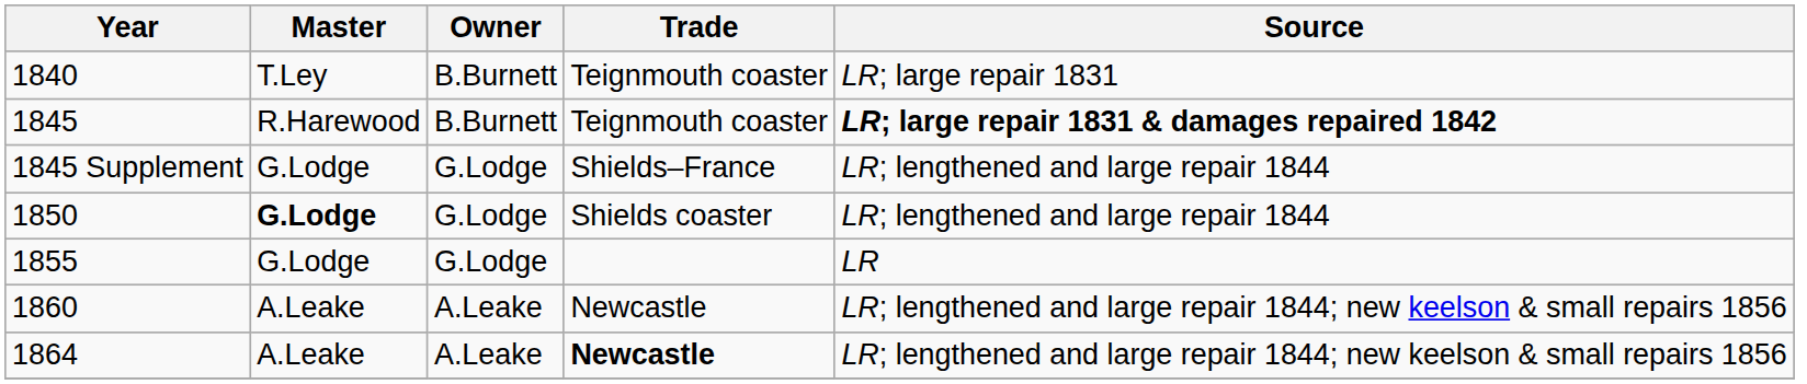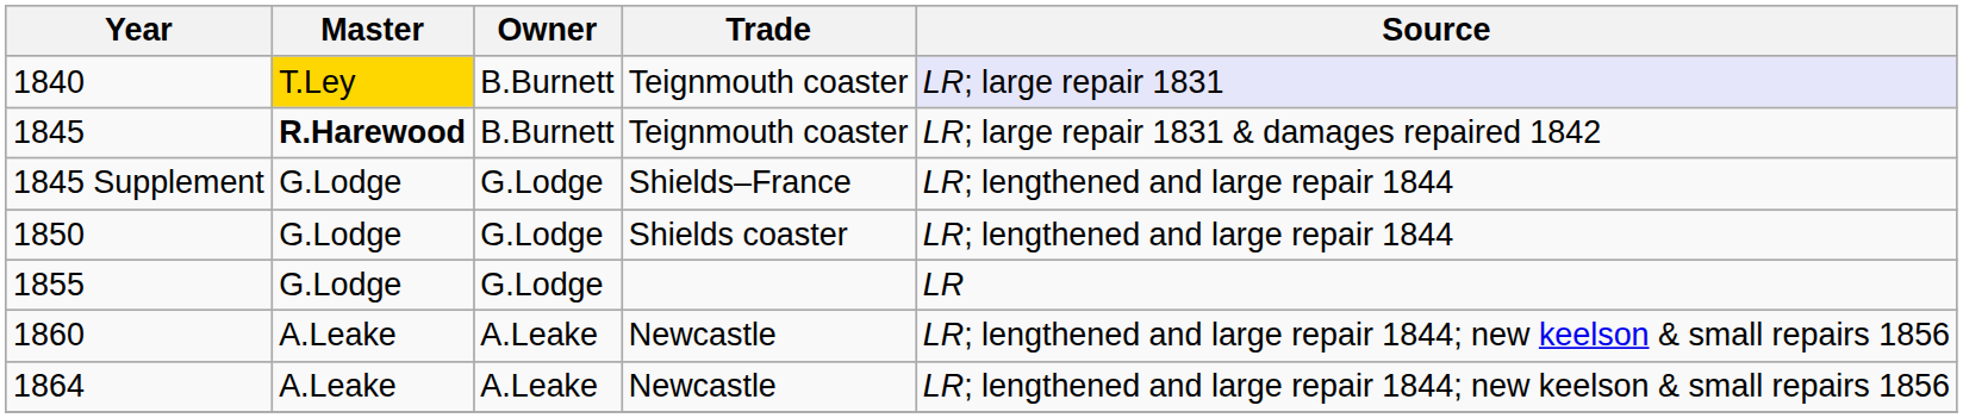 <table class="sortable wikitable">
 <tr>
 <th>Year</th>
 <th>Master</th>
 <th>Owner</th>
 <th>Trade</th>
 <th>Source</th>
 </tr>
 <tr>
 <td>1840</td>
-<td>T.Ley</td>
+<td style="background: gold;">T.Ley</td>
 <td>B.Burnett</td>
 <td>Teignmouth coaster</td>
-<td><em>LR</em>; large repair 1831</td>
+<td style="background: lavender;"><em>LR</em>; large repair 1831</td>
 </tr>
 <tr>
 <td>1845</td>
-<td>R.Harewood</td>
+<td><strong>R.Harewood</strong></td>
 <td>B.Burnett</td>
 <td>Teignmouth coaster</td>
-<td><strong><em>LR</em>; large repair 1831 & damages repaired 1842</strong></td>
+<td><em>LR</em>; large repair 1831 & damages repaired 1842</td>
 </tr>
 <tr>
 <td>1845 Supplement</td>
 <td>G.Lodge</td>
 <td>G.Lodge</td>
 <td>Shields–France</td>
 <td><em>LR</em>; lengthened and large repair 1844</td>
 </tr>
 <tr>
 <td>1850</td>
-<td><strong>G.Lodge</strong></td>
+<td>G.Lodge</td>
 <td>G.Lodge</td>
 <td>Shields coaster</td>
 <td><em>LR</em>; lengthened and large repair 1844</td>
 </tr>
 <tr>
 <td>1855</td>
 <td>G.Lodge</td>
 <td>G.Lodge</td>
 <td></td>
 <td><em>LR</em></td>
 </tr>
 <tr>
 <td>1860</td>
 <td>A.Leake</td>
 <td>A.Leake</td>
 <td>Newcastle</td>
 <td><em>LR</em>; lengthened and large repair 1844; new <a href='#'>keelson</a> & small repairs 1856</td>
 </tr>
 <tr>
 <td>1864</td>
 <td>A.Leake</td>
 <td>A.Leake</td>
-<td><strong>Newcastle</strong></td>
+<td>Newcastle</td>
 <td><em>LR</em>; lengthened and large repair 1844; new keelson & small repairs 1856</td>
 </tr>
 <tr>
 </tr>
 </table>
